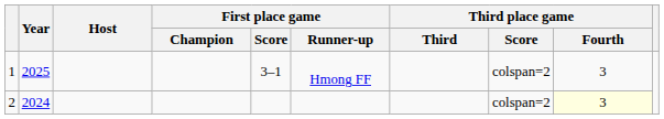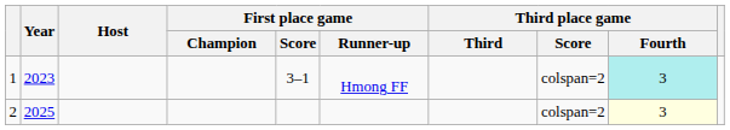 <table class="wikitable sortable" style="font-size:95%; text-align:center; width:;">
 <tr>
 <th rowspan=2 style= "width:;"></th>
 <th rowspan=2 style= "width:;">Year</th>
 <th rowspan=2 style= "width:100px;">Host</th>
 <th colspan=3>First place game</th>
 <th colspan=3>Third place game</th>
 <th rowspan=2 style= "width:;"></th>
 </tr>
 <tr>
 <th width= 100px> Champion</th>
 <th width=>Score</th>
 <th width= 100px> Runner-up</th>
 <th width= 100px> Third</th>
 <th width=>Score</th>
 <th width= 100px>Fourth</th>
 </tr>
 <tr>
 <td>1</td>
-<td><a href='#'>2025</a></td>
+<td><a href='#'>2023</a></td>
 <td align=left></td>
 <td><strong></strong></td>
 <td>3–1</td>
 <td><br><a href='#'>Hmong FF</a></td>
 <td></td>
 <td>colspan=2 </td>
-<td>3</td>
+<td style="background: paleturquoise;">3</td>
 </tr>
 <tr>
 <td>2</td>
-<td><a href='#'>2024</a></td>
+<td><a href='#'>2025</a></td>
 <td align=left></td>
 <td></td>
 <td></td>
 <td></td>
 <td></td>
 <td>colspan=2 </td>
 <td style="background: lightyellow;">3</td>
 </tr>
 </table>
